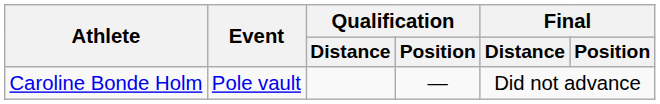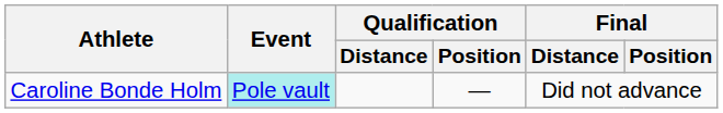 <table class=wikitable style="font-size:90%">
 <tr>
 <th rowspan="2">Athlete</th>
 <th rowspan="2">Event</th>
 <th colspan="2">Qualification</th>
 <th colspan="2">Final</th>
 </tr>
 <tr style="font-size:95%">
 <th>Distance</th>
 <th>Position</th>
 <th>Distance</th>
 <th>Position</th>
 </tr>
 <tr align=center>
 <td align=left><a href='#'>Caroline Bonde Holm</a></td>
-<td align=left><a href='#'>Pole vault</a></td>
+<td align=left style="background: paleturquoise;"><a href='#'>Pole vault</a></td>
 <td></td>
 <td>—</td>
 <td colspan=2>Did not advance</td>
 </tr>
 </table>
